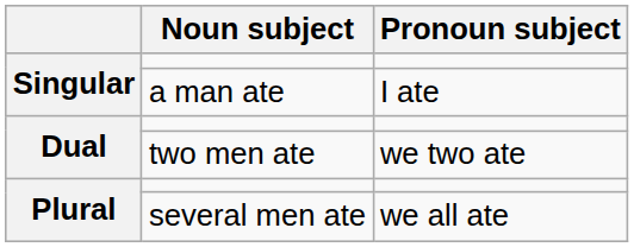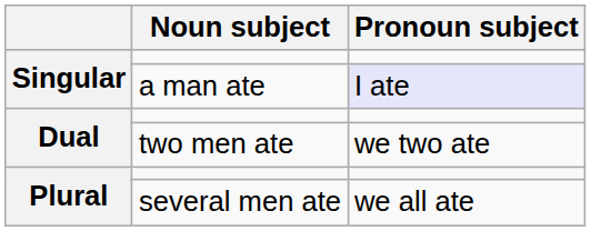 <table class=wikitable>
 <tr>
 <th></th>
 <th>Noun subject</th>
 <th>Pronoun subject</th>
 </tr>
 <tr>
 <th rowspan=2>Singular</th>
 <td></td>
 <td></td>
 </tr>
 <tr>
 <td>a man ate</td>
-<td>I ate</td>
+<td style="background: lavender;">I ate</td>
 </tr>
 <tr>
 <th rowspan=2>Dual</th>
 <td></td>
 <td></td>
 </tr>
 <tr>
 <td>two men ate</td>
 <td>we two ate</td>
 </tr>
 <tr>
 <th rowspan=2>Plural</th>
 <td></td>
 <td></td>
 </tr>
 <tr>
 <td>several men ate</td>
 <td>we all ate</td>
 </tr>
 </table>
